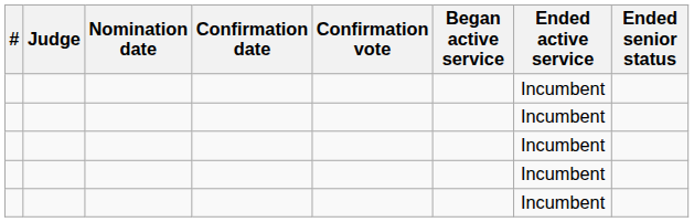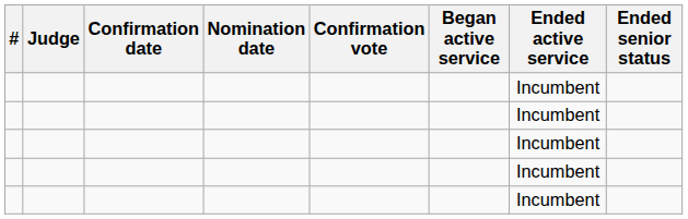 <table class="sortable wikitable">
 <tr>
 <th>#</th>
 <th>Judge</th>
+<th>Confirmation<br>date</th>
 <th>Nomination<br>date</th>
-<th>Confirmation<br>date</th>
 <th>Confirmation<br>vote</th>
 <th>Began active<br>service</th>
 <th>Ended active<br>service</th>
 <th>Ended senior<br>status</th>
 </tr>
 <tr>
 <td></td>
 <td></td>
 <td></td>
 <td></td>
 <td align="center"></td>
 <td></td>
 <td align="center">Incumbent</td>
 <td align="center"></td>
 </tr>
 <tr>
 <td></td>
 <td></td>
 <td></td>
 <td></td>
 <td align="center"></td>
 <td></td>
 <td align="center">Incumbent</td>
 <td align="center"></td>
 </tr>
 <tr>
 <td></td>
 <td></td>
 <td></td>
 <td></td>
 <td align="center"></td>
 <td></td>
 <td align="center">Incumbent</td>
 <td align="center"></td>
 </tr>
 <tr>
 <td></td>
 <td></td>
 <td></td>
 <td></td>
 <td align="center"></td>
 <td></td>
 <td align="center">Incumbent</td>
 <td align="center"></td>
 </tr>
 <tr>
 <td></td>
 <td></td>
 <td></td>
 <td></td>
 <td align="center"></td>
 <td></td>
 <td align="center">Incumbent</td>
 <td align="center"></td>
 </tr>
 </table>
